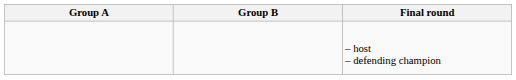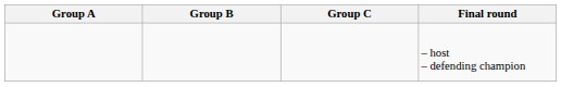 <table class="wikitable" width=60%>
 <tr>
 <th width=25%>Group A</th>
 <th width=25%>Group B</th>
+<th width=25%>Group C</th>
 <th width=25%>Final round</th>
 </tr>
 <tr>
 <td><br><br> <br> <br> </td>
 <td><br><br> <br> <br> </td>
+<td><br><br> <br> <br> </td>
 <td><br> – host<br>  – defending champion</td>
 </tr>
 </table>
